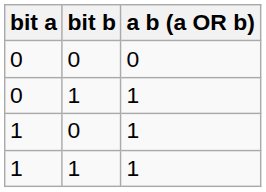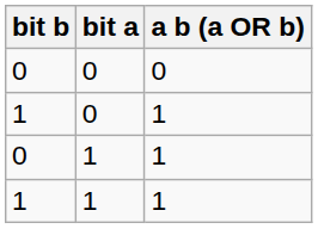 <table class="wikitable">
 <tr>
+<th>bit b</th>
 <th>bit a</th>
-<th>bit b</th>
 <th>a  b (a OR b)</th>
 </tr>
 <tr>
 <td>0</td>
 <td>0</td>
 <td>0</td>
 </tr>
 <tr>
+<td>1</td>
 <td>0</td>
-<td>1</td>
 <td>1</td>
 </tr>
 <tr>
+<td>0</td>
 <td>1</td>
-<td>0</td>
 <td>1</td>
 </tr>
 <tr>
 <td>1</td>
 <td>1</td>
 <td>1</td>
 </tr>
 </table>
